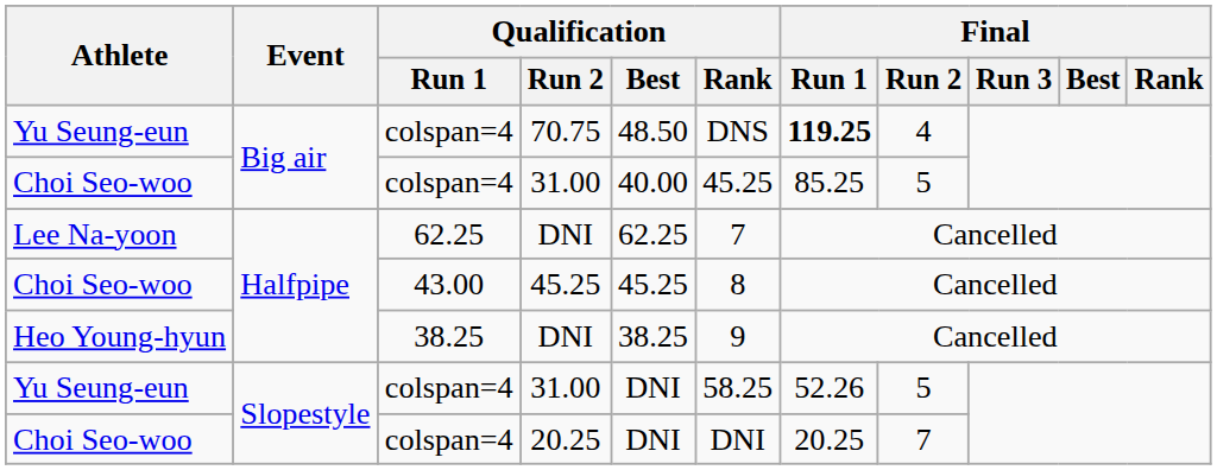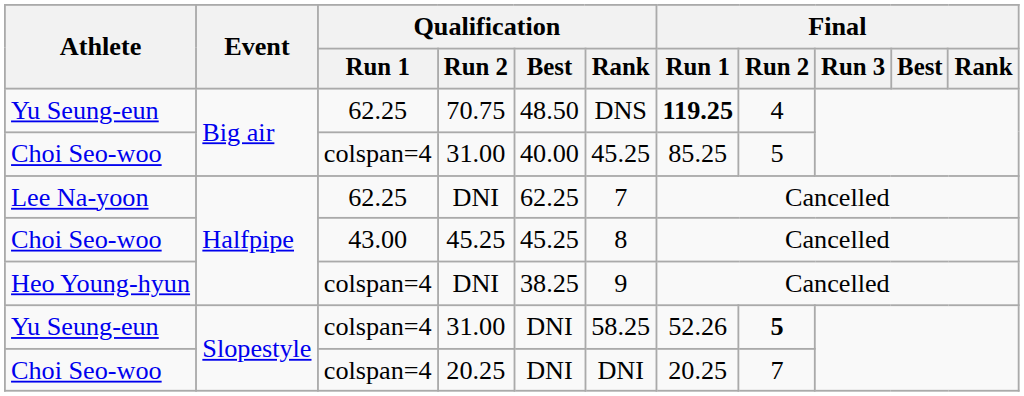 <table class=wikitable style=font-size:90%;text-align:center>
 <tr>
 <th rowspan=2>Athlete</th>
 <th rowspan=2>Event</th>
 <th colspan=4>Qualification</th>
 <th colspan=5>Final</th>
 </tr>
 <tr style=font-size:95%>
 <th>Run 1</th>
 <th>Run 2</th>
 <th>Best</th>
 <th>Rank</th>
 <th>Run 1</th>
 <th>Run 2</th>
 <th>Run 3</th>
 <th>Best</th>
 <th>Rank</th>
 </tr>
 <tr align=center>
 <td align=left><a href='#'>Yu Seung-eun</a></td>
 <td align=left rowspan=2><a href='#'>Big air</a></td>
-<td>colspan=4 </td>
+<td>62.25</td>
 <td>70.75</td>
 <td>48.50</td>
 <td>DNS</td>
 <td><strong>119.25</strong></td>
 <td>4</td>
 </tr>
 <tr align=center>
 <td align=left><a href='#'>Choi Seo-woo</a></td>
 <td>colspan=4 </td>
 <td>31.00</td>
 <td>40.00</td>
 <td>45.25</td>
 <td>85.25</td>
 <td>5</td>
 </tr>
 <tr align=center>
 <td align=left><a href='#'>Lee Na-yoon</a></td>
 <td align=left rowspan=3><a href='#'>Halfpipe</a></td>
 <td>62.25</td>
 <td>DNI</td>
 <td>62.25</td>
 <td>7</td>
 <td colspan=5>Cancelled</td>
 </tr>
 <tr align=center>
 <td align=left><a href='#'>Choi Seo-woo</a></td>
 <td>43.00</td>
 <td>45.25</td>
 <td>45.25</td>
 <td>8</td>
 <td colspan=5>Cancelled</td>
 </tr>
 <tr align=center>
 <td align=left><a href='#'>Heo Young-hyun</a></td>
-<td>38.25</td>
+<td>colspan=4 </td>
 <td>DNI</td>
 <td>38.25</td>
 <td>9</td>
 <td colspan=5>Cancelled</td>
 </tr>
 <tr align=center>
 <td align=left><a href='#'>Yu Seung-eun</a></td>
 <td align=left rowspan=2><a href='#'>Slopestyle</a></td>
 <td>colspan=4 </td>
 <td>31.00</td>
 <td>DNI</td>
 <td>58.25</td>
 <td>52.26</td>
-<td>5</td>
+<td><strong>5</strong></td>
 </tr>
 <tr align=center>
 <td align=left><a href='#'>Choi Seo-woo</a></td>
 <td>colspan=4 </td>
 <td>20.25</td>
 <td>DNI</td>
 <td>DNI</td>
 <td>20.25</td>
 <td>7</td>
 </tr>
 </table>
